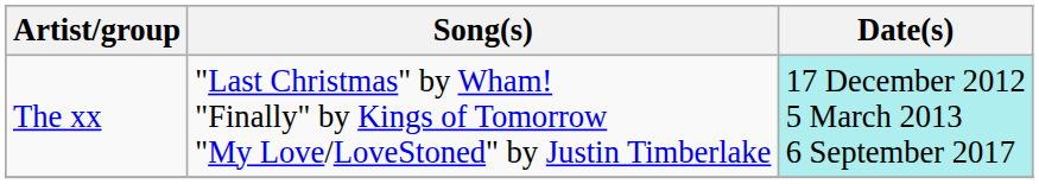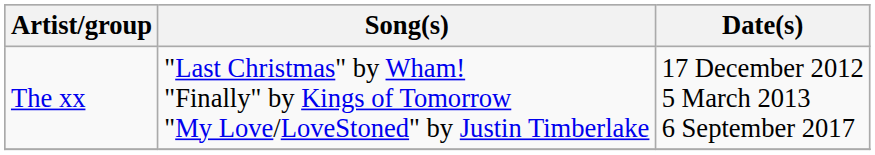 <table class="wikitable">
 <tr>
 <th>Artist/group</th>
 <th>Song(s)</th>
 <th>Date(s)</th>
 </tr>
 <tr>
 <td><a href='#'>The xx</a></td>
 <td>"<a href='#'>Last Christmas</a>" by <a href='#'>Wham!</a><br>"Finally" by <a href='#'>Kings of Tomorrow</a><br>"<a href='#'>My Love</a>/<a href='#'>LoveStoned</a>" by <a href='#'>Justin Timberlake</a></td>
-<td style="background: paleturquoise;">17 December 2012<br> 5 March 2013<br>6 September 2017</td>
+<td>17 December 2012<br> 5 March 2013<br>6 September 2017</td>
 </tr>
 <tr>
 </tr>
 </table>
